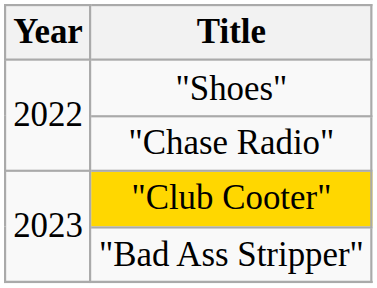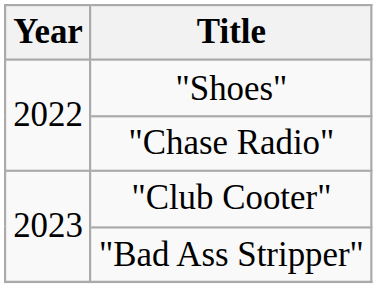 <table class="wikitable plainrowheaders" style="text-align:center;">
 <tr>
 <th>Year</th>
 <th>Title</th>
 </tr>
 <tr>
 <td rowspan="2">2022</td>
 <td>"Shoes"</td>
 </tr>
 <tr>
 <td>"Chase Radio"</td>
 </tr>
 <tr>
 <td rowspan="2">2023</td>
-<td style="background: gold;">"Club Cooter"</td>
+<td>"Club Cooter"</td>
 </tr>
 <tr>
 <td>"Bad Ass Stripper"</td>
 </tr>
 <tr>
 </tr>
 </table>
